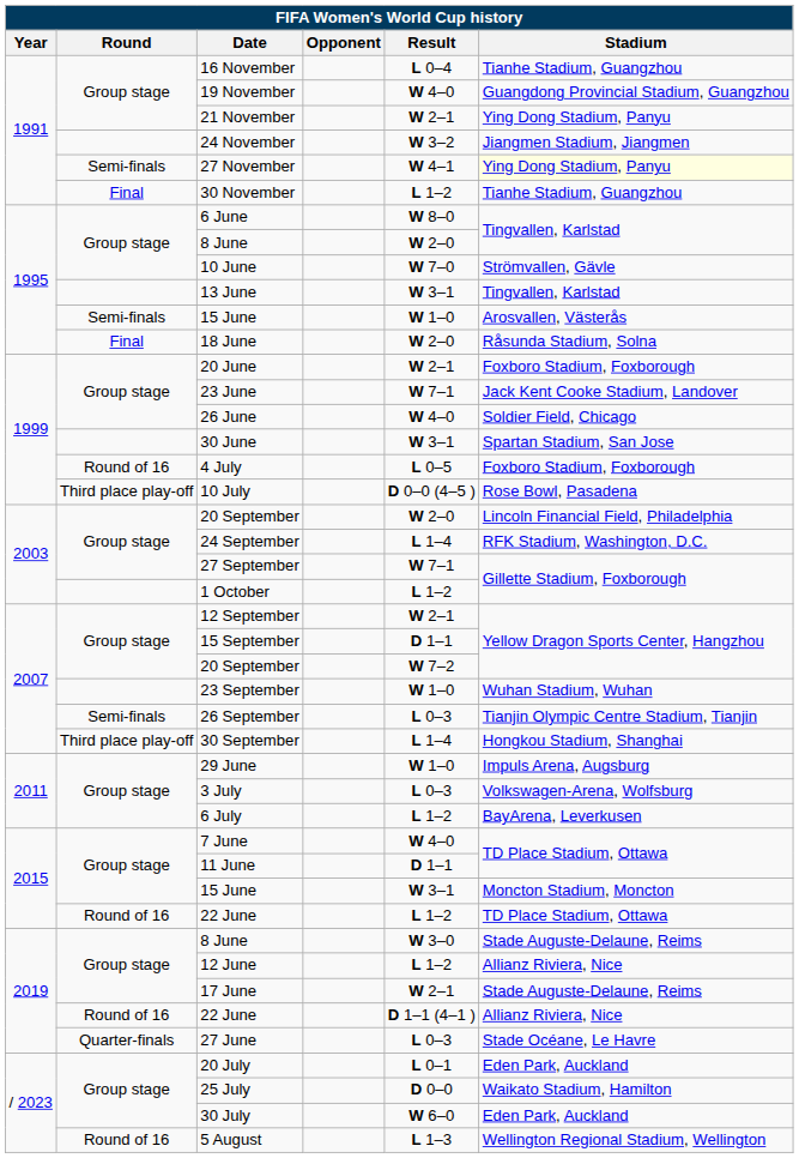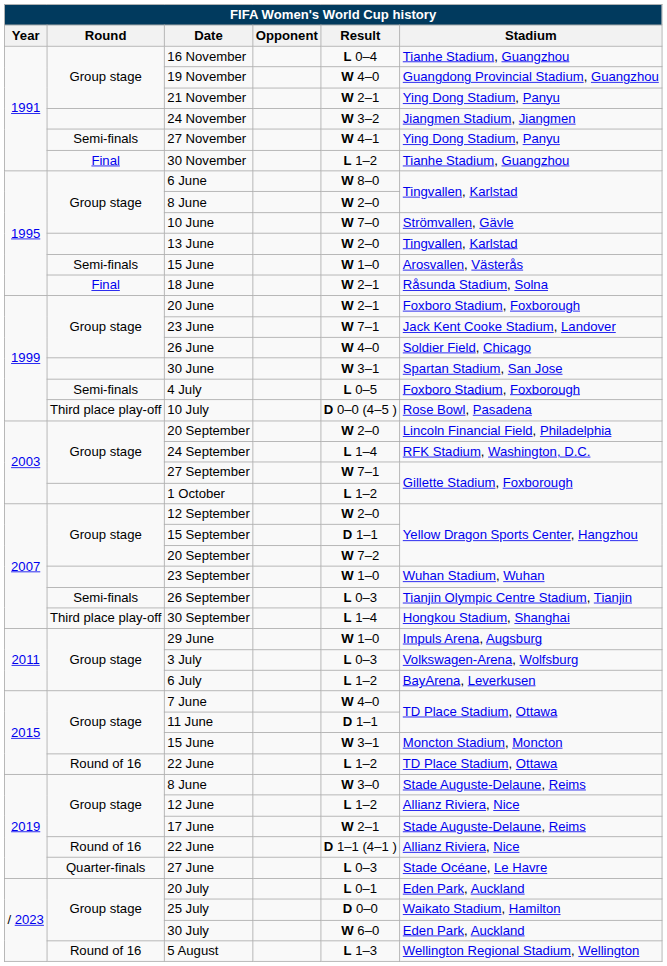 <table class="wikitable collapsible collapsed" style="text-align: center;font-size:100%;">
 <tr>
 <th colspan=6 style="background: #013A5E; color: #FFFFFF;">FIFA Women's World Cup history</th>
 </tr>
 <tr>
 <th>Year</th>
 <th>Round</th>
 <th>Date</th>
 <th>Opponent</th>
 <th>Result</th>
 <th>Stadium</th>
 </tr>
 <tr>
 <td rowspan=6> <a href='#'>1991</a></td>
 <td rowspan=3>Group stage</td>
 <td align="left">16 November</td>
 <td align="left"></td>
 <td><strong>L</strong> 0–4</td>
 <td align="left"><a href='#'>Tianhe Stadium</a>, <a href='#'>Guangzhou</a></td>
 </tr>
 <tr>
 <td align="left">19 November</td>
 <td align="left"></td>
 <td><strong>W</strong> 4–0</td>
 <td align="left"><a href='#'>Guangdong Provincial Stadium</a>, <a href='#'>Guangzhou</a></td>
 </tr>
 <tr>
 <td align="left">21 November</td>
 <td align="left"></td>
 <td><strong>W</strong> 2–1</td>
 <td align="left"><a href='#'>Ying Dong Stadium</a>, <a href='#'>Panyu</a></td>
 </tr>
 <tr>
 <td></td>
 <td align="left">24 November</td>
 <td align="left"></td>
 <td><strong>W</strong> 3–2</td>
 <td align="left"><a href='#'>Jiangmen Stadium</a>, <a href='#'>Jiangmen</a></td>
 </tr>
 <tr>
 <td>Semi-finals</td>
 <td align="left">27 November</td>
 <td align="left"></td>
 <td><strong>W</strong> 4–1</td>
-<td align="left" style="background: lightyellow;"><a href='#'>Ying Dong Stadium</a>, <a href='#'>Panyu</a></td>
+<td align="left"><a href='#'>Ying Dong Stadium</a>, <a href='#'>Panyu</a></td>
 </tr>
 <tr>
 <td><a href='#'>Final</a></td>
 <td align="left">30 November</td>
 <td align="left"></td>
 <td><strong>L</strong> 1–2</td>
 <td align="left"><a href='#'>Tianhe Stadium</a>, <a href='#'>Guangzhou</a></td>
 </tr>
 <tr>
 <td rowspan=6> <a href='#'>1995</a></td>
 <td rowspan=3>Group stage</td>
 <td align="left">6 June</td>
 <td align="left"></td>
 <td><strong>W</strong> 8–0</td>
 <td rowspan=2 align="left"><a href='#'>Tingvallen</a>, <a href='#'>Karlstad</a></td>
 </tr>
 <tr>
 <td align="left">8 June</td>
 <td align="left"></td>
 <td><strong>W</strong> 2–0</td>
 </tr>
 <tr>
 <td align="left">10 June</td>
 <td align="left"></td>
 <td><strong>W</strong> 7–0</td>
 <td align="left"><a href='#'>Strömvallen</a>, <a href='#'>Gävle</a></td>
 </tr>
 <tr>
 <td></td>
 <td align="left">13 June</td>
 <td align="left"></td>
-<td><strong>W</strong> 3–1</td>
+<td><strong>W</strong> 2–0</td>
 <td align="left"><a href='#'>Tingvallen</a>, <a href='#'>Karlstad</a></td>
 </tr>
 <tr>
 <td>Semi-finals</td>
 <td align="left">15 June</td>
 <td align="left"></td>
 <td><strong>W</strong> 1–0</td>
 <td align="left"><a href='#'>Arosvallen</a>, <a href='#'>Västerås</a></td>
 </tr>
 <tr>
 <td><a href='#'>Final</a></td>
 <td align="left">18 June</td>
 <td align="left"></td>
-<td><strong>W</strong> 2–0</td>
+<td><strong>W</strong> 2–1</td>
 <td align="left"><a href='#'>Råsunda Stadium</a>, <a href='#'>Solna</a></td>
 </tr>
 <tr>
 <td rowspan=6> <a href='#'>1999</a></td>
 <td rowspan=3>Group stage</td>
 <td align="left">20 June</td>
 <td align="left"></td>
 <td><strong>W</strong> 2–1</td>
 <td align="left"><a href='#'>Foxboro Stadium</a>, <a href='#'>Foxborough</a></td>
 </tr>
 <tr>
 <td align="left">23 June</td>
 <td align="left"></td>
 <td><strong>W</strong> 7–1</td>
 <td align="left"><a href='#'>Jack Kent Cooke Stadium</a>, <a href='#'>Landover</a></td>
 </tr>
 <tr>
 <td align="left">26 June</td>
 <td align="left"></td>
 <td><strong>W</strong> 4–0</td>
 <td align="left"><a href='#'>Soldier Field</a>, <a href='#'>Chicago</a></td>
 </tr>
 <tr>
 <td></td>
 <td align="left">30 June</td>
 <td align="left"></td>
 <td><strong>W</strong> 3–1</td>
 <td align="left"><a href='#'>Spartan Stadium</a>, <a href='#'>San Jose</a></td>
 </tr>
 <tr>
-<td>Round of 16</td>
+<td>Semi-finals</td>
 <td align="left">4 July</td>
 <td align="left"></td>
 <td><strong>L</strong> 0–5</td>
 <td align="left"><a href='#'>Foxboro Stadium</a>, <a href='#'>Foxborough</a></td>
 </tr>
 <tr>
 <td>Third place play-off</td>
 <td align="left">10 July</td>
 <td align="left"></td>
 <td><strong>D</strong> 0–0 (4–5 )</td>
 <td align="left"><a href='#'>Rose Bowl</a>, <a href='#'>Pasadena</a></td>
 </tr>
 <tr>
 <td rowspan=4> <a href='#'>2003</a></td>
 <td rowspan=3>Group stage</td>
 <td align="left">20 September</td>
 <td align="left"></td>
 <td><strong>W</strong> 2–0</td>
 <td align="left"><a href='#'>Lincoln Financial Field</a>, <a href='#'>Philadelphia</a></td>
 </tr>
 <tr>
 <td align="left">24 September</td>
 <td align="left"></td>
 <td><strong>L</strong> 1–4</td>
 <td align="left"><a href='#'>RFK Stadium</a>, <a href='#'>Washington, D.C.</a></td>
 </tr>
 <tr>
 <td align="left">27 September</td>
 <td align="left"></td>
 <td><strong>W</strong> 7–1</td>
 <td rowspan=2 align="left"><a href='#'>Gillette Stadium</a>, <a href='#'>Foxborough</a></td>
 </tr>
 <tr>
 <td></td>
 <td align="left">1 October</td>
 <td align="left"></td>
 <td><strong>L</strong> 1–2</td>
 </tr>
 <tr>
 <td rowspan=6> <a href='#'>2007</a></td>
 <td rowspan=3>Group stage</td>
 <td align="left">12 September</td>
 <td align="left"></td>
-<td><strong>W</strong> 2–1</td>
+<td><strong>W</strong> 2–0</td>
 <td rowspan=3 align="left"><a href='#'>Yellow Dragon Sports Center</a>, <a href='#'>Hangzhou</a></td>
 </tr>
 <tr>
 <td align="left">15 September</td>
 <td align="left"></td>
 <td><strong>D</strong> 1–1</td>
 </tr>
 <tr>
 <td align="left">20 September</td>
 <td align="left"></td>
 <td><strong>W</strong> 7–2</td>
 </tr>
 <tr>
 <td></td>
 <td align="left">23 September</td>
 <td align="left"></td>
 <td><strong>W</strong> 1–0</td>
 <td align="left"><a href='#'>Wuhan Stadium</a>, <a href='#'>Wuhan</a></td>
 </tr>
 <tr>
 <td>Semi-finals</td>
 <td align="left">26 September</td>
 <td align="left"></td>
 <td><strong>L</strong> 0–3</td>
 <td align="left"><a href='#'>Tianjin Olympic Centre Stadium</a>, <a href='#'>Tianjin</a></td>
 </tr>
 <tr>
 <td>Third place play-off</td>
 <td align="left">30 September</td>
 <td align="left"></td>
 <td><strong>L</strong> 1–4</td>
 <td align="left"><a href='#'>Hongkou Stadium</a>, <a href='#'>Shanghai</a></td>
 </tr>
 <tr>
 <td rowspan=3> <a href='#'>2011</a></td>
 <td rowspan=3>Group stage</td>
 <td align="left">29 June</td>
 <td align="left"></td>
 <td><strong>W</strong> 1–0</td>
 <td align="left"><a href='#'>Impuls Arena</a>, <a href='#'>Augsburg</a></td>
 </tr>
 <tr>
 <td align="left">3 July</td>
 <td align="left"></td>
 <td><strong>L</strong> 0–3</td>
 <td align="left"><a href='#'>Volkswagen-Arena</a>, <a href='#'>Wolfsburg</a></td>
 </tr>
 <tr>
 <td align="left">6 July</td>
 <td align="left"></td>
 <td><strong>L</strong> 1–2</td>
 <td align="left"><a href='#'>BayArena</a>, <a href='#'>Leverkusen</a></td>
 </tr>
 <tr>
 <td rowspan=4> <a href='#'>2015</a></td>
 <td rowspan=3>Group stage</td>
 <td align="left">7 June</td>
 <td align="left"></td>
 <td><strong>W</strong> 4–0</td>
 <td rowspan=2 align="left"><a href='#'>TD Place Stadium</a>, <a href='#'>Ottawa</a></td>
 </tr>
 <tr>
 <td align="left">11 June</td>
 <td align="left"></td>
 <td><strong>D</strong> 1–1</td>
 </tr>
 <tr>
 <td align="left">15 June</td>
 <td align="left"></td>
 <td><strong>W</strong> 3–1</td>
 <td align="left"><a href='#'>Moncton Stadium</a>, <a href='#'>Moncton</a></td>
 </tr>
 <tr>
 <td>Round of 16</td>
 <td align="left">22 June</td>
 <td align="left"></td>
 <td><strong>L</strong> 1–2</td>
 <td align="left"><a href='#'>TD Place Stadium</a>, <a href='#'>Ottawa</a></td>
 </tr>
 <tr>
 <td rowspan=5> <a href='#'>2019</a></td>
 <td rowspan=3>Group stage</td>
 <td align="left">8 June</td>
 <td align="left"></td>
 <td><strong>W</strong> 3–0</td>
 <td align="left"><a href='#'>Stade Auguste-Delaune</a>, <a href='#'>Reims</a></td>
 </tr>
 <tr>
 <td align="left">12 June</td>
 <td align="left"></td>
 <td><strong>L</strong> 1–2</td>
 <td align="left"><a href='#'>Allianz Riviera</a>, <a href='#'>Nice</a></td>
 </tr>
 <tr>
 <td align="left">17 June</td>
 <td align="left"></td>
 <td><strong>W</strong> 2–1</td>
 <td align="left"><a href='#'>Stade Auguste-Delaune</a>, <a href='#'>Reims</a></td>
 </tr>
 <tr>
 <td>Round of 16</td>
 <td align="left">22 June</td>
 <td align="left"></td>
 <td><strong>D</strong> 1–1 (4–1 )</td>
 <td align="left"><a href='#'>Allianz Riviera</a>, <a href='#'>Nice</a></td>
 </tr>
 <tr>
 <td>Quarter-finals</td>
 <td align="left">27 June</td>
 <td align="left"></td>
 <td><strong>L</strong> 0–3</td>
 <td align="left"><a href='#'>Stade Océane</a>, <a href='#'>Le Havre</a></td>
 </tr>
 <tr>
 <td rowspan=4>/ <a href='#'>2023</a></td>
 <td rowspan=3>Group stage</td>
 <td align="left">20 July</td>
 <td align="left"></td>
 <td><strong>L</strong> 0–1</td>
 <td align="left"><a href='#'>Eden Park</a>, <a href='#'>Auckland</a></td>
 </tr>
 <tr>
 <td align="left">25 July</td>
 <td align="left"></td>
 <td><strong>D</strong> 0–0</td>
 <td align="left"><a href='#'>Waikato Stadium</a>, <a href='#'>Hamilton</a></td>
 </tr>
 <tr>
 <td align="left">30 July</td>
 <td align="left"></td>
 <td><strong>W</strong> 6–0</td>
 <td align="left"><a href='#'>Eden Park</a>, <a href='#'>Auckland</a></td>
 </tr>
 <tr>
 <td>Round of 16</td>
 <td align="left">5 August</td>
 <td align="left"></td>
 <td><strong>L</strong> 1–3</td>
 <td align="left"><a href='#'>Wellington Regional Stadium</a>, <a href='#'>Wellington</a></td>
 </tr>
 </table>
